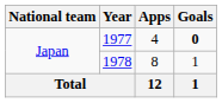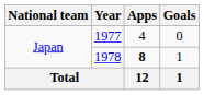 <table class="wikitable" style="text-align:center">
 <tr>
 <th>National team</th>
 <th>Year</th>
 <th>Apps</th>
 <th>Goals</th>
 </tr>
 <tr>
 <td rowspan="2"><a href='#'>Japan</a></td>
 <td><a href='#'>1977</a></td>
 <td>4</td>
-<td><strong>0</strong></td>
+<td>0</td>
 </tr>
 <tr>
 <td><a href='#'>1978</a></td>
-<td>8</td>
+<td><strong>8</strong></td>
 <td>1</td>
 </tr>
 <tr>
 <th colspan="2">Total</th>
 <th>12</th>
 <th>1</th>
 </tr>
 </table>
